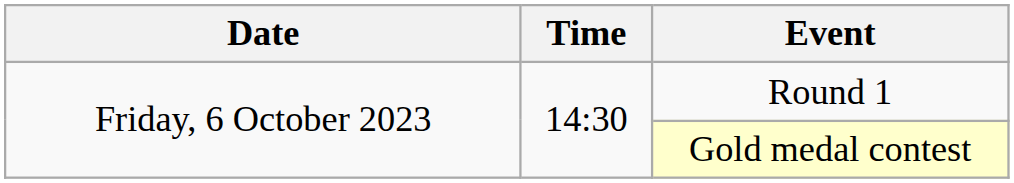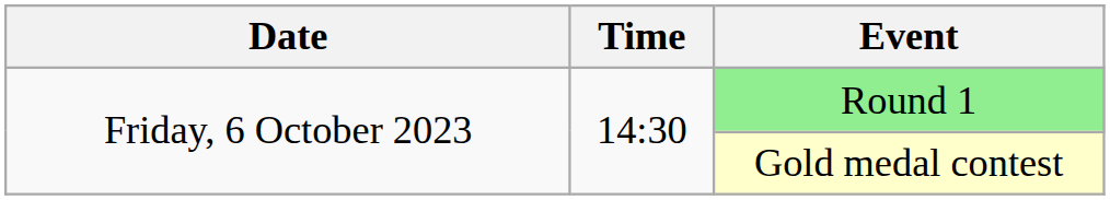 <table class = "wikitable" style="text-align:center;">
 <tr>
 <th width=220>Date</th>
 <th width=50>Time</th>
 <th width=150>Event</th>
 </tr>
 <tr>
 <td rowspan=2>Friday, 6 October 2023</td>
 <td rowspan=2>14:30</td>
-<td>Round 1</td>
+<td style="background: lightgreen;">Round 1</td>
 </tr>
 <tr>
 <td bgcolor=ffffcc>Gold medal contest</td>
 </tr>
 </table>
